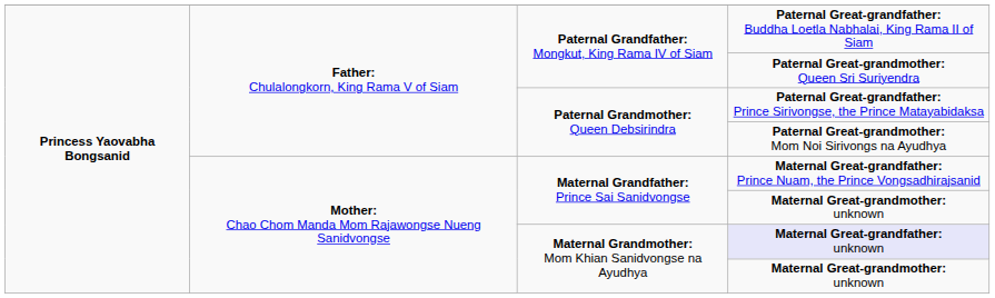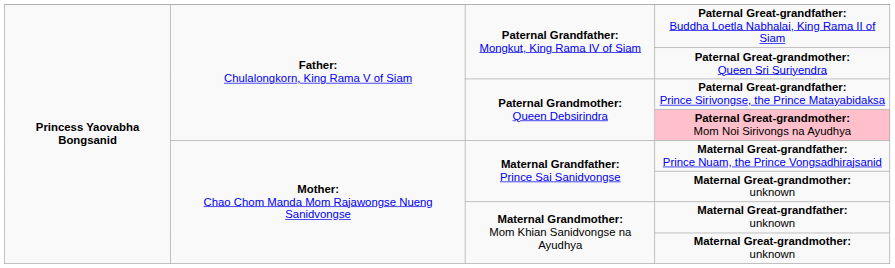 <table class="wikitable">
 <tr>
 </tr>
 <tr>
 <td rowspan="8" align="center"><strong>Princess Yaovabha Bongsanid</strong></td>
 <td rowspan="4" align="center"><strong>Father:</strong><br><a href='#'>Chulalongkorn, King Rama V of Siam</a></td>
 <td rowspan="2" align="center"><strong>Paternal Grandfather:</strong><br><a href='#'>Mongkut, King Rama IV of Siam</a></td>
 <td align = "center"><strong>Paternal Great-grandfather:</strong><br><a href='#'>Buddha Loetla Nabhalai, King Rama II of Siam</a></td>
 </tr>
 <tr>
 <td align = "center"><strong>Paternal Great-grandmother:</strong><br><a href='#'>Queen Sri Suriyendra</a></td>
 </tr>
 <tr>
 <td rowspan="2" align="center"><strong>Paternal Grandmother:</strong><br><a href='#'>Queen Debsirindra</a></td>
 <td align = "center"><strong>Paternal Great-grandfather:</strong><br><a href='#'>Prince Sirivongse, the Prince Matayabidaksa</a></td>
 </tr>
 <tr>
-<td align = "center"><strong>Paternal Great-grandmother:</strong><br>Mom Noi Sirivongs na Ayudhya</td>
+<td align = "center" style="background: pink;"><strong>Paternal Great-grandmother:</strong><br>Mom Noi Sirivongs na Ayudhya</td>
 </tr>
 <tr>
 <td rowspan="4" align="center"><strong>Mother:</strong><br><a href='#'>Chao Chom Manda Mom Rajawongse Nueng Sanidvongse</a></td>
 <td rowspan="2" align="center"><strong>Maternal Grandfather:</strong><br><a href='#'>Prince Sai Sanidvongse</a></td>
 <td align = "center"><strong>Maternal Great-grandfather:</strong><br><a href='#'>Prince Nuam, the Prince Vongsadhirajsanid</a></td>
 </tr>
 <tr>
 <td align = "center"><strong>Maternal Great-grandmother:</strong><br>unknown</td>
 </tr>
 <tr>
 <td rowspan="2" align="center"><strong>Maternal Grandmother:</strong><br>Mom Khian Sanidvongse na Ayudhya</td>
-<td align = "center" style="background: lavender;"><strong>Maternal Great-grandfather:</strong><br>unknown</td>
+<td align = "center"><strong>Maternal Great-grandfather:</strong><br>unknown</td>
 </tr>
 <tr>
 <td align = "center"><strong>Maternal Great-grandmother:</strong><br>unknown</td>
 </tr>
 </table>
